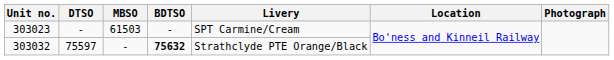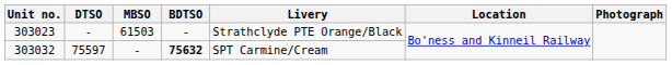 <table class="wikitable">
 <tr>
 <th>Unit no.</th>
 <th width=50>DTSO</th>
 <th width=50>MBSO</th>
 <th width=50>BDTSO</th>
 <th>Livery</th>
 <th>Location</th>
 <th>Photograph</th>
 </tr>
 <tr>
 <td align=center>303023</td>
 <td align=center>-</td>
 <td align=center>61503</td>
 <td align=center>-</td>
-<td>SPT Carmine/Cream</td>
+<td>Strathclyde PTE Orange/Black</td>
 <td rowspan=2><a href='#'>Bo'ness and Kinneil Railway</a></td>
 <td rowspan="2"></td>
 </tr>
 <tr>
 <td align=center>303032</td>
 <td align=center>75597</td>
 <td align=center>-</td>
 <td align=center><strong>75632</strong></td>
-<td>Strathclyde PTE Orange/Black</td>
+<td>SPT Carmine/Cream</td>
 </tr>
 </table>
